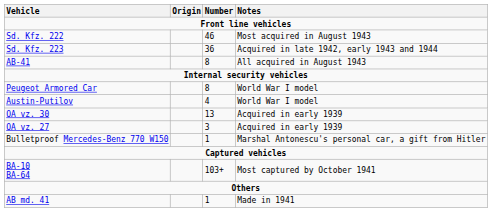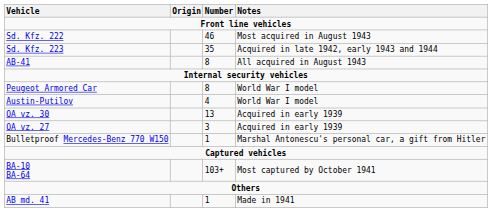 <table role="presentation" class="wikitable">
 <tr>
 <th style="text-align: left;">Vehicle</th>
 <th style="text-align: left;">Origin</th>
 <th style="text-align: left;">Number</th>
 <th style="text-align: left;">Notes</th>
 </tr>
 <tr>
 <th colspan="6" style="background:#f9f9f9;">Front line vehicles</th>
 </tr>
 <tr>
 <td><a href='#'>Sd. Kfz. 222</a></td>
 <td></td>
 <td>46</td>
 <td>Most acquired in August 1943</td>
 </tr>
 <tr>
 <td><a href='#'>Sd. Kfz. 223</a></td>
 <td></td>
-<td>36</td>
+<td>35</td>
 <td>Acquired in late 1942, early 1943 and 1944</td>
 </tr>
 <tr>
 <td><a href='#'>AB-41</a></td>
 <td></td>
 <td>8</td>
 <td>All acquired in August 1943</td>
 </tr>
 <tr>
 <th colspan="6" style="background:#f9f9f9;">Internal security vehicles</th>
 </tr>
 <tr>
 <td><a href='#'>Peugeot Armored Car</a></td>
 <td></td>
 <td>8</td>
 <td>World War I model</td>
 </tr>
 <tr>
 <td><a href='#'>Austin-Putilov</a></td>
 <td></td>
 <td>4</td>
 <td>World War I model</td>
 </tr>
 <tr>
 <td><a href='#'>OA vz. 30</a></td>
 <td></td>
 <td>13</td>
 <td>Acquired in early 1939</td>
 </tr>
 <tr>
 <td><a href='#'>OA vz. 27</a></td>
 <td></td>
 <td>3</td>
 <td>Acquired in early 1939</td>
 </tr>
 <tr>
 <td>Bulletproof <a href='#'>Mercedes-Benz 770 W150</a></td>
 <td></td>
 <td>1</td>
 <td>Marshal Antonescu's personal car, a gift from Hitler</td>
 </tr>
 <tr>
 <th colspan="6" style="background:#f9f9f9;">Captured vehicles</th>
 </tr>
 <tr>
 <td><a href='#'>BA-10</a><br><a href='#'>BA-64</a></td>
 <td></td>
 <td>103+</td>
 <td>Most captured by October 1941</td>
 </tr>
 <tr>
 <th colspan="6" style="background:#f9f9f9;">Others</th>
 </tr>
 <tr>
 <td><a href='#'>AB md. 41</a></td>
 <td></td>
 <td>1</td>
 <td>Made in 1941</td>
 </tr>
 </table>
